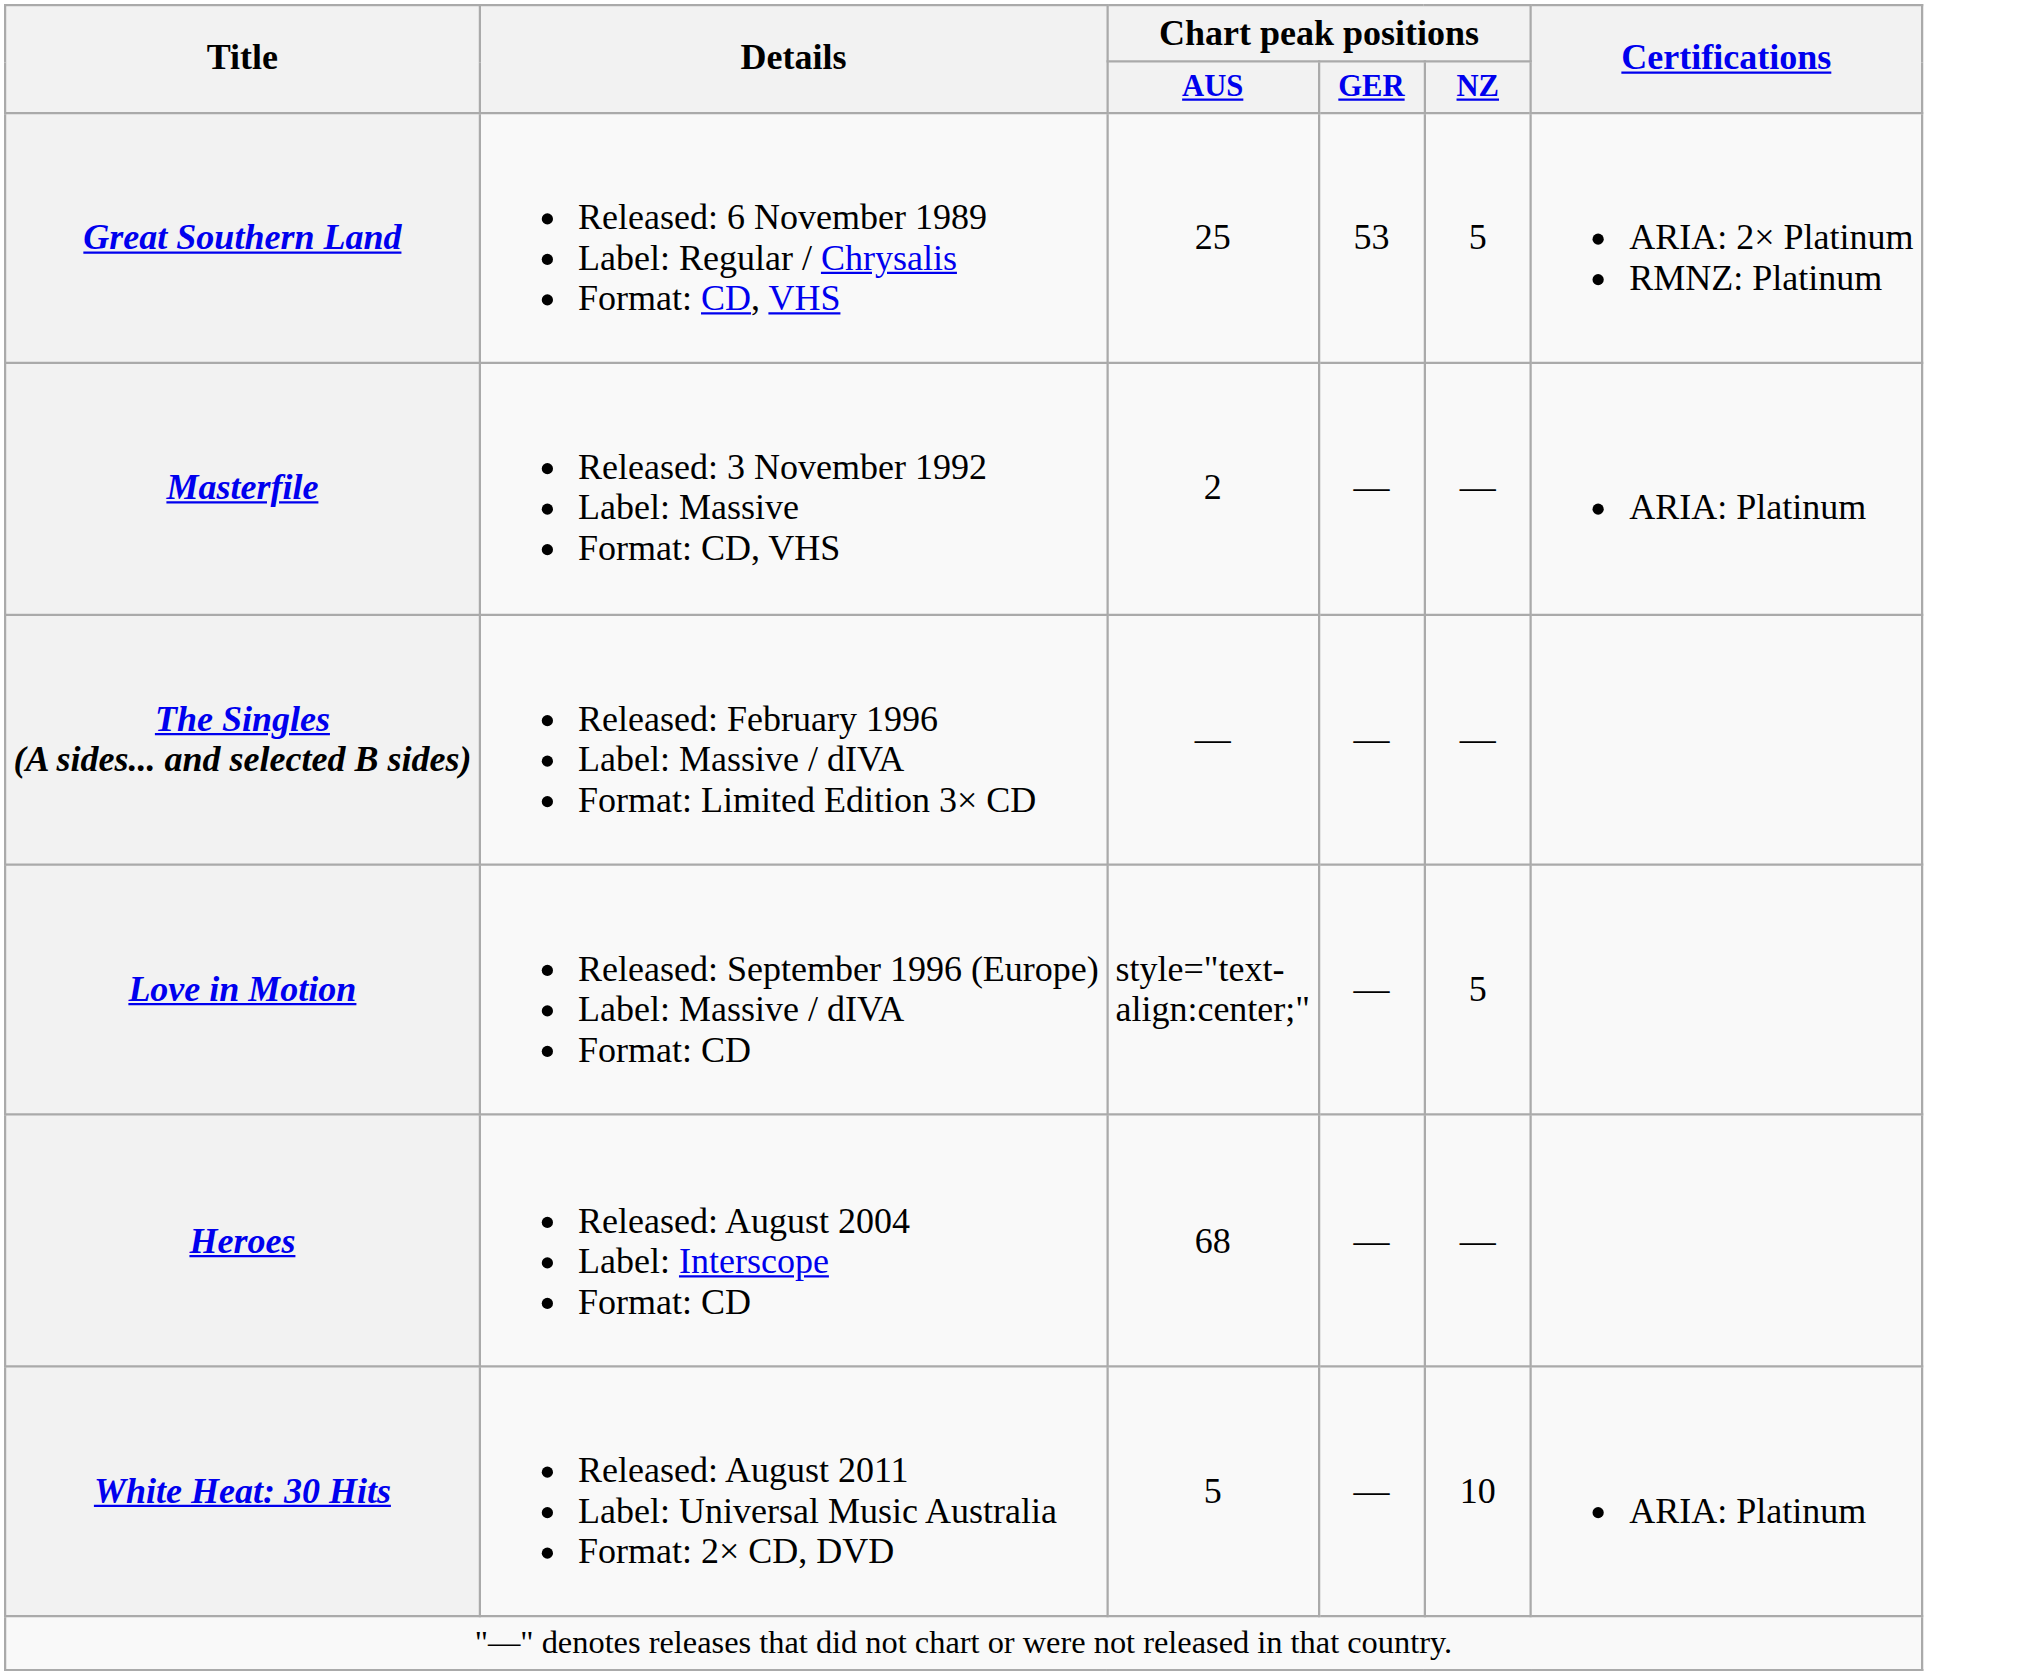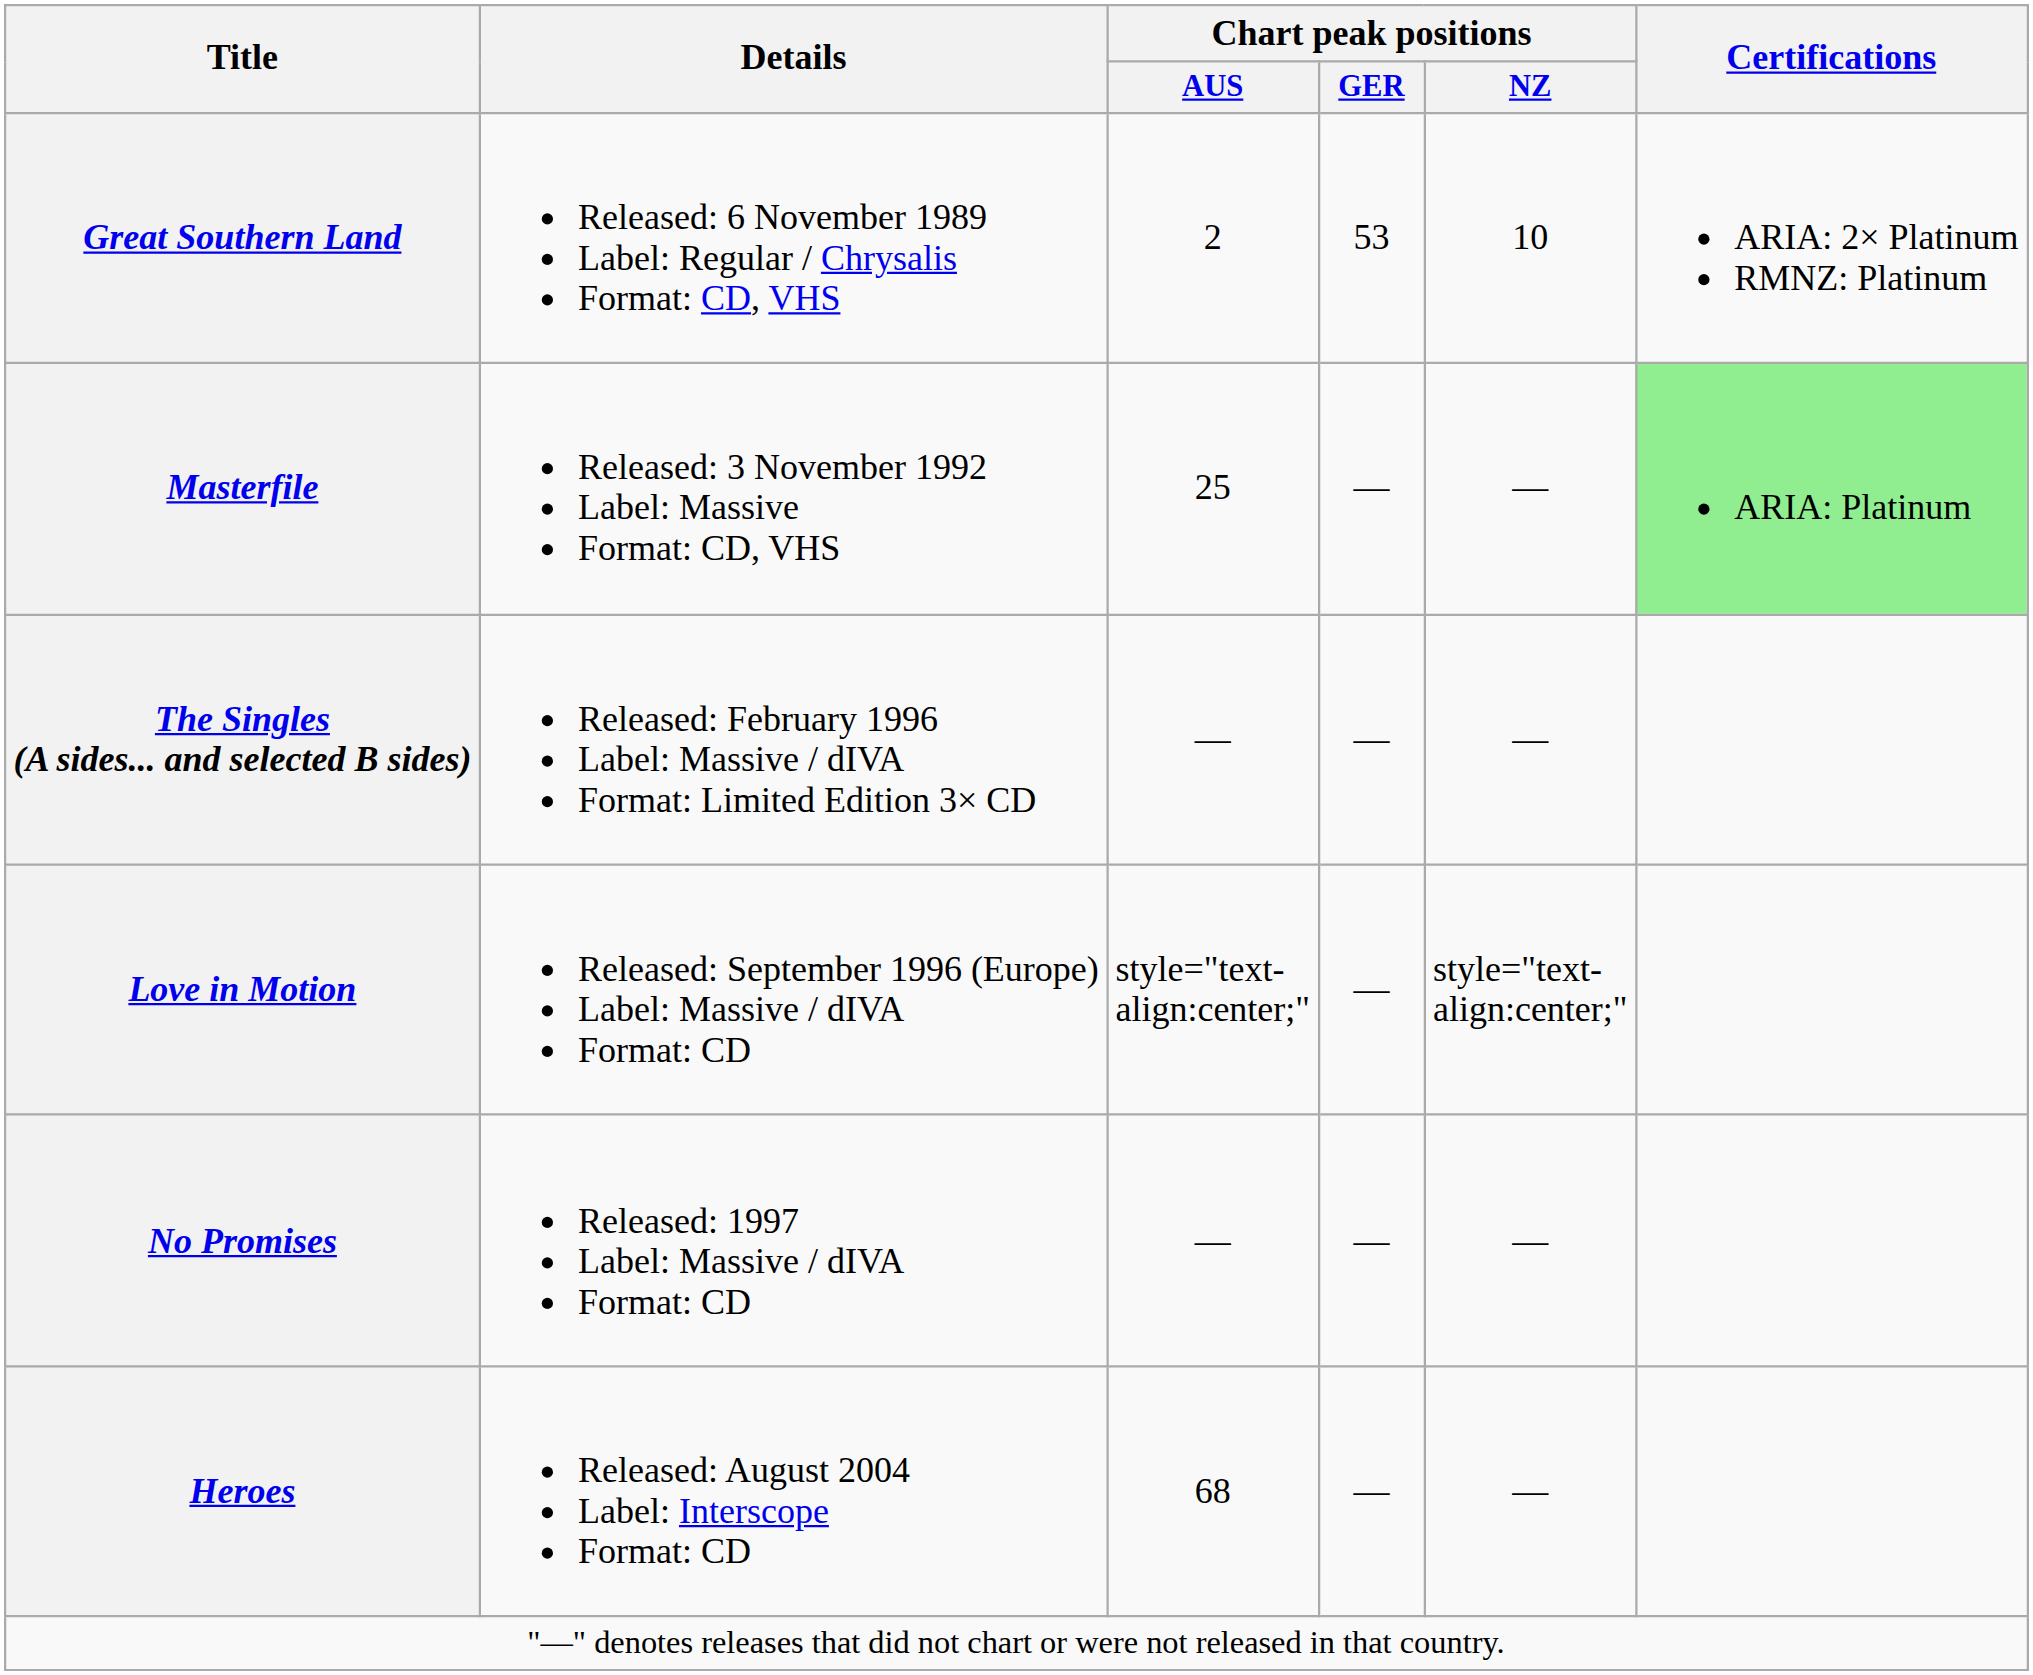 <table class="wikitable plainrowheaders">
 <tr>
 <th rowspan="2">Title</th>
 <th rowspan="2">Details</th>
 <th colspan="3">Chart peak positions</th>
 <th rowspan="2"><a href='#'>Certifications</a></th>
 </tr>
 <tr>
 <th style="width:3em;font-size:85%"><a href='#'>AUS</a><br></th>
 <th style="width:3em;font-size:85%"><a href='#'>GER</a><br></th>
 <th style="width:3em;font-size:85%"><a href='#'>NZ</a><br></th>
 </tr>
 <tr>
 <th scope="row"><em><a href='#'>Great Southern Land</a></em></th>
 <td><br><ul><li>Released: 6 November 1989</li><li>Label: Regular / <a href='#'>Chrysalis</a></li><li>Format: <a href='#'>CD</a>, <a href='#'>VHS</a></li></ul></td>
-<td style="text-align:center;">25</td>
+<td style="text-align:center;">2</td>
 <td style="text-align:center;">53</td>
-<td style="text-align:center;">5</td>
+<td style="text-align:center;">10</td>
 <td><br><ul><li>ARIA: 2× Platinum</li><li>RMNZ: Platinum</li></ul></td>
 </tr>
 <tr>
 <th scope="row"><em><a href='#'>Masterfile</a></em></th>
 <td><br><ul><li>Released: 3 November 1992</li><li>Label: Massive</li><li>Format: CD, VHS</li></ul></td>
-<td style="text-align:center;">2</td>
+<td style="text-align:center;">25</td>
 <td style="text-align:center;">—</td>
 <td style="text-align:center;">—</td>
-<td><br><ul><li>ARIA: Platinum</li></ul></td>
+<td style="background: lightgreen;"><br><ul><li>ARIA: Platinum</li></ul></td>
 </tr>
 <tr>
 <th scope="row"><em><a href='#'>The Singles</a></em> <br> <em>(A sides... and selected B sides)</em></th>
 <td><br><ul><li>Released: February 1996</li><li>Label: Massive / dIVA</li><li>Format: Limited Edition 3× CD</li></ul></td>
 <td style="text-align:center;">—</td>
 <td style="text-align:center;">—</td>
 <td style="text-align:center;">—</td>
 <td></td>
 </tr>
 <tr>
 <th scope="row"><em><a href='#'>Love in Motion</a></em></th>
 <td><br><ul><li>Released: September 1996 (Europe)</li><li>Label: Massive / dIVA</li><li>Format: CD</li></ul></td>
 <td>style="text-align:center;" </td>
 <td style="text-align:center;">—</td>
-<td style="text-align:center;">5</td>
+<td>style="text-align:center;"</td>
+<td></td>
+</tr>
+<tr>
+<th scope="row"><em><a href='#'>No Promises</a></em></th>
+<td><br><ul><li>Released: 1997</li><li>Label: Massive / dIVA</li><li>Format: CD</li></ul></td>
+<td style="text-align:center;">—</td>
+<td style="text-align:center;">—</td>
+<td style="text-align:center;">—</td>
 <td></td>
 </tr>
 <tr>
 <th scope="row"><em><a href='#'>Heroes</a></em></th>
 <td><br><ul><li>Released: August 2004</li><li>Label: <a href='#'>Interscope</a></li><li>Format: CD</li></ul></td>
 <td style="text-align:center;">68</td>
 <td style="text-align:center;">—</td>
 <td style="text-align:center;">—</td>
 <td></td>
 </tr>
 <tr>
-<th scope="row"><em><a href='#'>White Heat: 30 Hits</a></em></th>
-<td><br><ul><li>Released: August 2011</li><li>Label: Universal Music Australia</li><li>Format: 2× CD, DVD</li></ul></td>
-<td style="text-align:center;">5</td>
-<td style="text-align:center;">—</td>
-<td style="text-align:center;">10</td>
-<td><br><ul><li>ARIA: Platinum</li></ul></td>
-</tr>
-<tr>
 <td align="center" colspan="6" style="font-size: 90%">"—" denotes releases that did not chart or were not released in that country.</td>
 </tr>
 <tr>
 </tr>
 </table>
